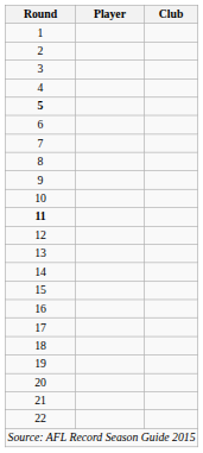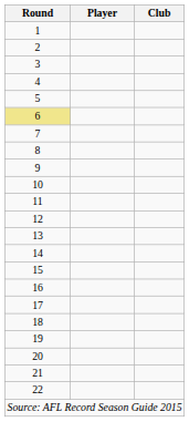 <table class="wikitable sortable" style="text-align:center">
 <tr>
 <th>Round</th>
 <th>Player</th>
 <th>Club</th>
 </tr>
 <tr>
 <td>1</td>
 <td></td>
 <td></td>
 </tr>
 <tr>
 <td>2</td>
 <td></td>
 <td></td>
 </tr>
 <tr>
 <td>3</td>
 <td><strong></strong></td>
 <td><strong></strong></td>
 </tr>
 <tr>
 <td>4</td>
 <td></td>
 <td></td>
 </tr>
 <tr>
-<td><strong>5</strong></td>
+<td>5</td>
 <td></td>
 <td></td>
 </tr>
 <tr>
-<td>6</td>
+<td style="background: khaki;">6</td>
 <td></td>
 <td></td>
 </tr>
 <tr>
 <td>7</td>
 <td></td>
 <td></td>
 </tr>
 <tr>
 <td>8</td>
 <td></td>
 <td></td>
 </tr>
 <tr>
 <td>9</td>
 <td></td>
 <td></td>
 </tr>
 <tr>
 <td>10</td>
 <td></td>
 <td></td>
 </tr>
 <tr>
-<td><strong>11</strong></td>
+<td>11</td>
 <td></td>
 <td></td>
 </tr>
 <tr>
 <td>12</td>
 <td></td>
 <td></td>
 </tr>
 <tr>
 <td>13</td>
 <td></td>
 <td></td>
 </tr>
 <tr>
 <td>14</td>
 <td></td>
 <td></td>
 </tr>
 <tr>
 <td>15</td>
 <td></td>
 <td></td>
 </tr>
 <tr>
 <td>16</td>
 <td></td>
 <td></td>
 </tr>
 <tr>
 <td>17</td>
 <td></td>
 <td></td>
 </tr>
 <tr>
 <td>18</td>
 <td></td>
 <td></td>
 </tr>
 <tr>
 <td>19</td>
 <td></td>
 <td></td>
 </tr>
 <tr>
 <td>20</td>
 <td></td>
 <td></td>
 </tr>
 <tr>
 <td>21</td>
 <td></td>
 <td></td>
 </tr>
 <tr>
 <td>22</td>
 <td></td>
 <td></td>
 </tr>
 <tr class="sortbottom">
 <td colspan=4><em>Source: AFL Record Season Guide 2015</em></td>
 </tr>
 </table>
